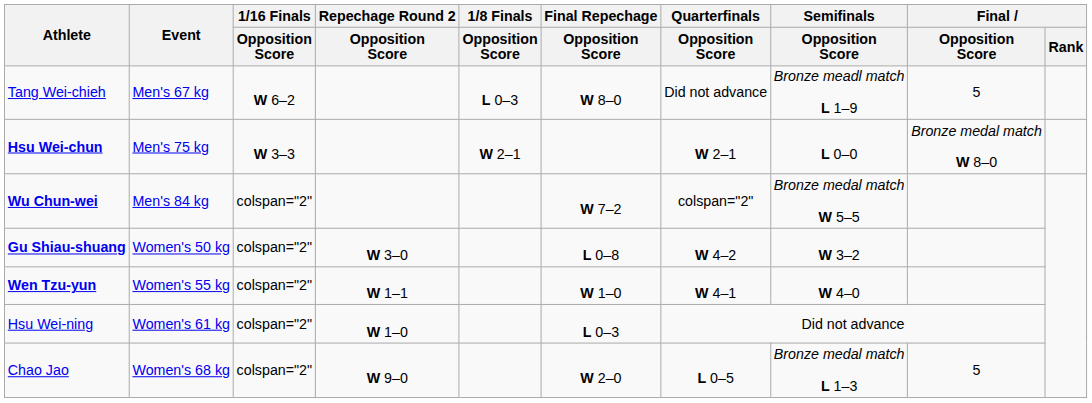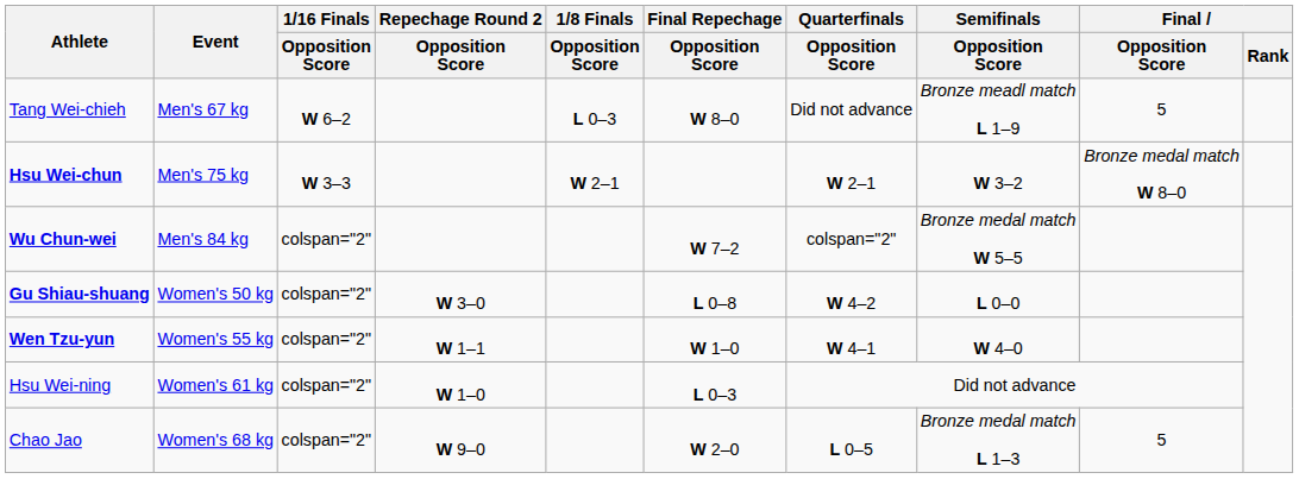 <table class="wikitable" style="font-size:90%; text-align:center">
 <tr>
 <th rowspan="2">Athlete</th>
 <th rowspan="2">Event</th>
 <th>1/16 Finals</th>
 <th>Repechage Round 2</th>
 <th>1/8 Finals</th>
 <th>Final Repechage</th>
 <th>Quarterfinals</th>
 <th>Semifinals</th>
 <th colspan="2">Final / </th>
 </tr>
 <tr>
 <th>Opposition<br>Score</th>
 <th>Opposition<br>Score</th>
 <th>Opposition<br>Score</th>
 <th>Opposition<br>Score</th>
 <th>Opposition<br>Score</th>
 <th>Opposition<br>Score</th>
 <th>Opposition<br>Score</th>
 <th>Rank</th>
 </tr>
 <tr>
 <td align="left"><a href='#'>Tang Wei-chieh</a></td>
 <td align="left"><a href='#'>Men's 67 kg</a></td>
 <td><br><strong>W</strong> 6–2</td>
 <td></td>
 <td><br><strong>L</strong> 0–3</td>
 <td><br><strong>W</strong> 8–0</td>
 <td>Did not advance</td>
 <td><em>Bronze meadl match</em><br><br><strong>L</strong> 1–9</td>
 <td>5</td>
 </tr>
 <tr>
 <td align="left"><strong><a href='#'>Hsu Wei-chun</a></strong></td>
 <td align="left"><a href='#'>Men's 75 kg</a></td>
 <td><br><strong>W</strong> 3–3</td>
 <td></td>
 <td><br><strong>W</strong> 2–1</td>
 <td></td>
 <td><br><strong>W</strong> 2–1</td>
-<td><br><strong>L</strong> 0–0</td>
+<td><br><strong>W</strong> 3–2</td>
 <td><em>Bronze medal match</em><br><br><strong>W</strong> 8–0</td>
 <td></td>
 </tr>
 <tr>
 <td align="left"><strong><a href='#'>Wu Chun-wei</a></strong></td>
 <td align="left"><a href='#'>Men's 84 kg</a></td>
 <td>colspan="2" </td>
 <td></td>
 <td></td>
 <td><br><strong>W</strong> 7–2</td>
 <td>colspan="2" </td>
 <td><em>Bronze medal match</em><br><br><strong>W</strong> 5–5</td>
 <td></td>
 </tr>
 <tr>
 <td align="left"><strong><a href='#'>Gu Shiau-shuang</a></strong></td>
 <td align="left"><a href='#'>Women's 50 kg</a></td>
 <td>colspan="2" </td>
 <td><br><strong>W</strong> 3–0</td>
 <td></td>
 <td><br><strong>L</strong> 0–8</td>
 <td><br><strong>W</strong> 4–2</td>
-<td><br><strong>W</strong> 3–2</td>
+<td><br><strong>L</strong> 0–0</td>
 <td></td>
 </tr>
 <tr>
 <td align="left"><strong><a href='#'>Wen Tzu-yun</a></strong></td>
 <td align="left"><a href='#'>Women's 55 kg</a></td>
 <td>colspan="2" </td>
 <td><br><strong>W</strong> 1–1</td>
 <td></td>
 <td><br><strong>W</strong> 1–0</td>
 <td><br><strong>W</strong> 4–1</td>
 <td><br><strong>W</strong> 4–0</td>
 <td></td>
 </tr>
 <tr>
 <td align="left"><a href='#'>Hsu Wei-ning</a></td>
 <td align="left"><a href='#'>Women's 61 kg</a></td>
 <td>colspan="2" </td>
 <td><br><strong>W</strong> 1–0</td>
 <td></td>
 <td><br><strong>L</strong> 0–3</td>
 <td colspan="3">Did not advance</td>
 </tr>
 <tr>
 <td align="left"><a href='#'>Chao Jao</a></td>
 <td align="left"><a href='#'>Women's 68 kg</a></td>
 <td>colspan="2" </td>
 <td><br><strong>W</strong> 9–0</td>
 <td></td>
 <td><br><strong>W</strong> 2–0</td>
 <td><br><strong>L</strong> 0–5</td>
 <td><em>Bronze medal match</em><br><br><strong>L</strong> 1–3</td>
 <td>5</td>
 </tr>
 </table>
